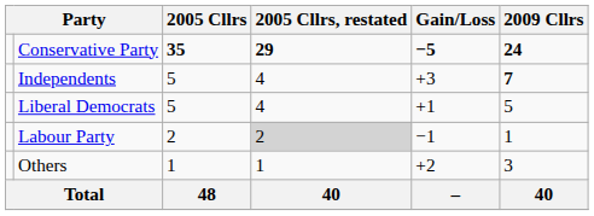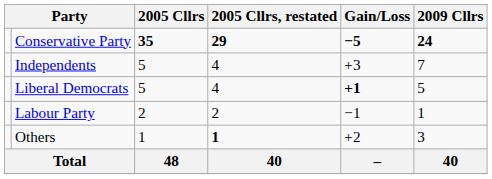 <table class="wikitable">
 <tr>
 <th colspan="2">Party</th>
 <th>2005 Cllrs</th>
 <th>2005 Cllrs, restated</th>
 <th>Gain/Loss</th>
 <th>2009 Cllrs</th>
 </tr>
 <tr>
 <td></td>
 <td><a href='#'>Conservative Party</a></td>
 <td><strong>35</strong></td>
 <td><strong>29</strong></td>
 <td><strong>−5</strong></td>
 <td><strong>24</strong></td>
 </tr>
 <tr>
 <td></td>
 <td><a href='#'>Independents</a></td>
 <td>5</td>
 <td>4</td>
 <td>+3</td>
-<td><strong>7</strong></td>
+<td>7</td>
 </tr>
 <tr>
 <td></td>
 <td><a href='#'>Liberal Democrats</a></td>
 <td>5</td>
 <td>4</td>
-<td>+1</td>
+<td><strong>+1</strong></td>
 <td>5</td>
 </tr>
 <tr>
 <td></td>
 <td><a href='#'>Labour Party</a></td>
 <td>2</td>
-<td style="background: lightgrey;">2</td>
+<td>2</td>
 <td>−1</td>
 <td>1</td>
 </tr>
 <tr>
 <td></td>
 <td>Others</td>
 <td>1</td>
-<td>1</td>
+<td><strong>1</strong></td>
 <td>+2</td>
 <td>3</td>
 </tr>
 <tr>
 <th colspan="2">Total</th>
 <th>48</th>
 <th>40</th>
 <th>–</th>
 <th>40</th>
 </tr>
 <tr>
 </tr>
 </table>
